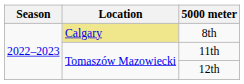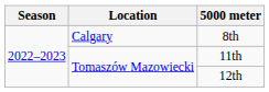 <table class="wikitable" style="display: inline-table;">
 <tr>
 <th>Season</th>
 <th>Location</th>
 <th colspan="1">5000 meter</th>
 </tr>
 <tr style="text-align:center">
 <td rowspan=3><a href='#'>2022–2023</a></td>
-<td align=left style="background: khaki;"> <a href='#'>Calgary</a></td>
+<td align=left> <a href='#'>Calgary</a></td>
 <td>8th</td>
 </tr>
 <tr style="text-align:center">
 <td align=left rowspan=2> <a href='#'>Tomaszów Mazowiecki</a></td>
 <td>11th</td>
 </tr>
 <tr style="text-align:center">
 <td>12th</td>
 </tr>
 </table>
